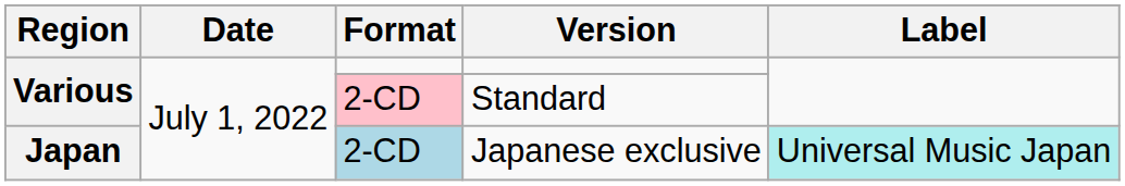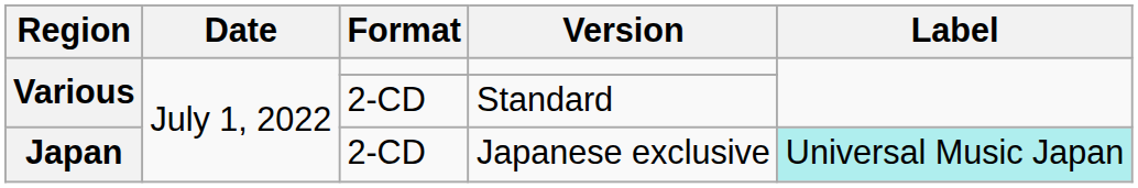 <table class="wikitable plainrowheaders">
 <tr>
 <th scope="col">Region</th>
 <th scope="col">Date</th>
 <th scope="col">Format</th>
 <th scope="col">Version</th>
 <th scope="col">Label</th>
 </tr>
 <tr>
 <th scope="row" rowspan="2">Various</th>
 <td rowspan="3">July 1, 2022</td>
 <td></td>
 <td></td>
 <td rowspan="2"></td>
 </tr>
 <tr>
-<td style="background: pink;">2-CD</td>
+<td>2-CD</td>
 <td>Standard</td>
 </tr>
 <tr>
 <th scope="row">Japan</th>
-<td style="background: lightblue;">2-CD</td>
+<td>2-CD</td>
 <td>Japanese exclusive</td>
 <td style="background: paleturquoise;">Universal Music Japan</td>
 </tr>
 </table>
